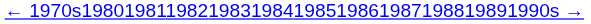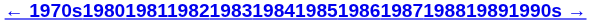 <table id=toc class=toc summary=Contents>
 <tr>
 <th></th>
 </tr>
 <tr>
-<td align=center><a href='#'>← 1970s</a><a href='#'>1980</a><a href='#'>1981</a><a href='#'>1982</a><a href='#'>1983</a><a href='#'>1984</a><a href='#'>1985</a><a href='#'>1986</a><a href='#'>1987</a><a href='#'>1988</a><a href='#'>1989</a><a href='#'>1990s →</a></td>
+<td align=center><strong><a href='#'>← 1970s</a><a href='#'>1980</a><a href='#'>1981</a><a href='#'>1982</a><a href='#'>1983</a><a href='#'>1984</a><a href='#'>1985</a><a href='#'>1986</a><a href='#'>1987</a><a href='#'>1988</a><a href='#'>1989</a><a href='#'>1990s →</a></strong></td>
 </tr>
 </table>
